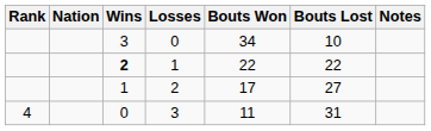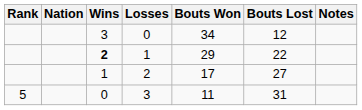 <table class="wikitable sortable" style="text-align:center">
 <tr>
 <th>Rank</th>
 <th>Nation</th>
 <th>Wins</th>
 <th>Losses</th>
 <th>Bouts Won</th>
 <th>Bouts Lost</th>
 <th>Notes</th>
 </tr>
 <tr>
 <td></td>
 <td align=left></td>
 <td>3</td>
 <td>0</td>
 <td>34</td>
-<td>10</td>
+<td>12</td>
 <td></td>
 </tr>
 <tr>
 <td></td>
 <td align=left></td>
 <td><strong>2</strong></td>
 <td>1</td>
-<td>22</td>
+<td>29</td>
 <td>22</td>
 <td></td>
 </tr>
 <tr>
 <td></td>
 <td align=left></td>
 <td>1</td>
 <td>2</td>
 <td>17</td>
 <td>27</td>
 <td></td>
 </tr>
 <tr>
-<td>4</td>
+<td>5</td>
 <td align=left></td>
 <td>0</td>
 <td>3</td>
 <td>11</td>
 <td>31</td>
 <td></td>
 </tr>
 </table>
